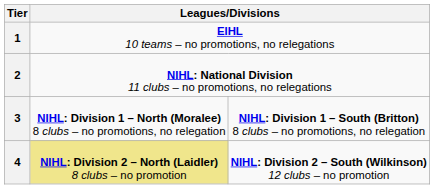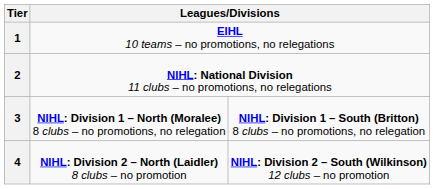 <table class=wikitable>
 <tr>
 <th>Tier</th>
 <th colspan=2>Leagues/Divisions</th>
 </tr>
 <tr>
 <th>1</th>
 <td colspan="2" style="text-align:center;"><strong><a href='#'>EIHL</a></strong><br><em>10 teams</em> – no promotions, no relegations</td>
 </tr>
 <tr>
 <th>2</th>
 <td colspan="2" style="text-align:center;"><br><strong><a href='#'>NIHL</a>: National Division</strong><br> <em>11 clubs</em> – no promotions, no relegations</td>
 </tr>
 <tr>
 <th>3</th>
 <td colspan="1" style="text-align:center;"><br><strong><a href='#'>NIHL</a>: Division 1 – North (Moralee)</strong><br> 8 <em>clubs</em> – no promotions, no relegation</td>
 <td colspan="1" style="text-align:center;"><br><strong><a href='#'>NIHL</a>: Division 1 – South (Britton)</strong><br> 8 <em>clubs</em> – no promotions, no relegation</td>
 </tr>
 <tr>
 <th>4</th>
-<td colspan="1" style="background: khaki; text-align:center;"><br><strong><a href='#'>NIHL</a>: Division 2 – North (Laidler)</strong><br> <em>8 clubs</em> – no promotion</td>
+<td colspan="1" style="text-align:center;"><br><strong><a href='#'>NIHL</a>: Division 2 – North (Laidler)</strong><br> <em>8 clubs</em> – no promotion</td>
 <td colspan="2" style="text-align:center;"><br><strong><a href='#'>NIHL</a>: Division 2 – South (Wilkinson)</strong><br> <em>12 clubs</em> – no promotion</td>
 </tr>
 </table>
